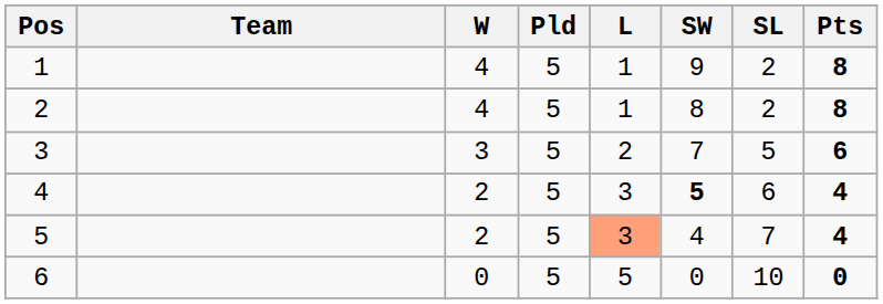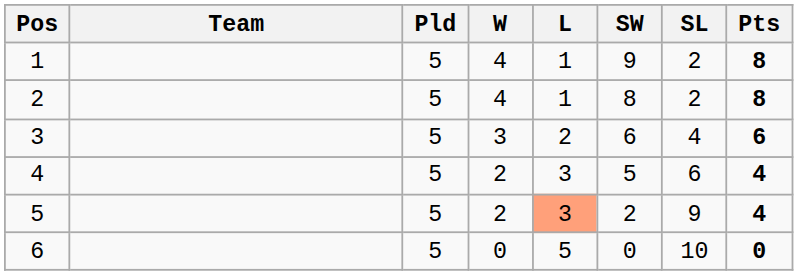 <table class="wikitable" style="text-align: center;">
 <tr>
 <th width="30">Pos</th>
 <th width="180">Team</th>
+<th width="30">Pld</th>
 <th width="30">W</th>
-<th width="30">Pld</th>
 <th width="30">L</th>
 <th width="30">SW</th>
 <th width="30">SL</th>
 <th width="30">Pts</th>
 </tr>
 <tr>
 <td>1</td>
 <td align="left"></td>
+<td>5</td>
 <td>4</td>
-<td>5</td>
 <td>1</td>
 <td>9</td>
 <td>2</td>
 <td><strong>8</strong></td>
 </tr>
 <tr>
 <td>2</td>
 <td align="left"></td>
+<td>5</td>
 <td>4</td>
-<td>5</td>
 <td>1</td>
 <td>8</td>
 <td>2</td>
 <td><strong>8</strong></td>
 </tr>
 <tr>
 <td>3</td>
 <td align="left"></td>
+<td>5</td>
 <td>3</td>
-<td>5</td>
 <td>2</td>
-<td>7</td>
-<td>5</td>
+<td>6</td>
+<td>4</td>
 <td><strong>6</strong></td>
 </tr>
 <tr>
 <td>4</td>
 <td align="left"></td>
+<td>5</td>
 <td>2</td>
+<td>3</td>
 <td>5</td>
-<td>3</td>
-<td><strong>5</strong></td>
 <td>6</td>
 <td><strong>4</strong></td>
 </tr>
 <tr>
 <td>5</td>
 <td align="left"></td>
+<td>5</td>
 <td>2</td>
-<td>5</td>
 <td style="background: lightsalmon;">3</td>
-<td>4</td>
-<td>7</td>
+<td>2</td>
+<td>9</td>
 <td><strong>4</strong></td>
 </tr>
 <tr>
 <td>6</td>
 <td align="left"></td>
+<td>5</td>
 <td>0</td>
-<td>5</td>
 <td>5</td>
 <td>0</td>
 <td>10</td>
 <td><strong>0</strong></td>
 </tr>
 </table>
